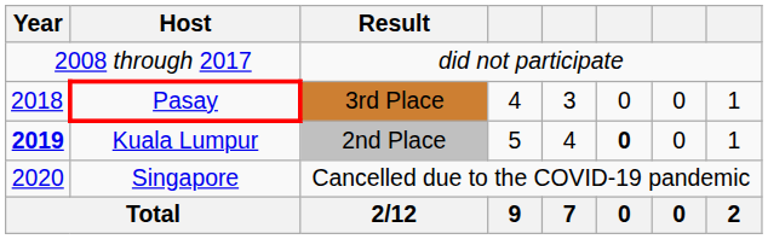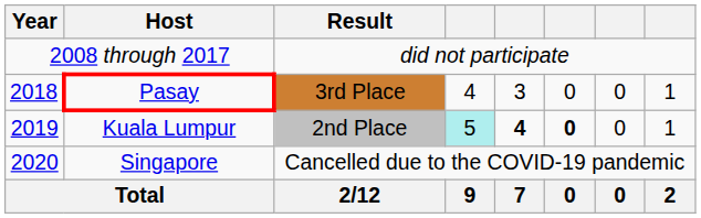 <table class="wikitable" style="text-align:center">
 <tr>
 <th width=30>Year</th>
 <th width=150>Host</th>
 <th width=120>Result</th>
 <th width=30></th>
 <th width=30></th>
 <th width=30></th>
 <th width=30></th>
 <th width=30></th>
 </tr>
 <tr>
 <td colspan=2><a href='#'>2008</a> <em>through</em> <a href='#'>2017</a></td>
 <td colspan=6><em>did not participate</em></td>
 </tr>
 <tr>
 <td><a href='#'>2018</a></td>
 <td style="border: 3px solid red"> <a href='#'>Pasay</a></td>
 <td bgcolor="#CD7F32"> 3rd Place</td>
 <td>4</td>
 <td>3</td>
 <td>0</td>
 <td>0</td>
 <td>1</td>
 </tr>
 <tr>
-<td><strong><a href='#'>2019</a></strong></td>
+<td><a href='#'>2019</a></td>
 <td> <a href='#'>Kuala Lumpur</a></td>
 <td bgcolor="silver"> 2nd Place</td>
-<td>5</td>
-<td>4</td>
+<td style="background: paleturquoise;">5</td>
+<td><strong>4</strong></td>
 <td><strong>0</strong></td>
 <td>0</td>
 <td>1</td>
 </tr>
 <tr>
 <td><a href='#'>2020</a></td>
 <td> <a href='#'>Singapore</a></td>
 <td colspan=6 align=center>Cancelled due to the COVID-19 pandemic</td>
 </tr>
 <tr>
 <th colspan=2>Total</th>
 <th>2/12</th>
 <th>9</th>
 <th>7</th>
 <th>0</th>
 <th>0</th>
 <th>2</th>
 </tr>
 </table>
